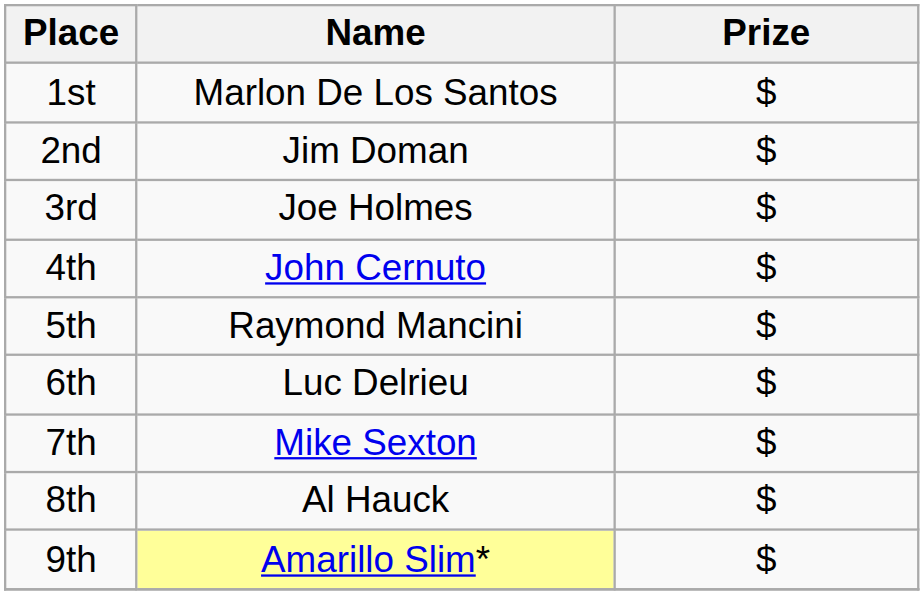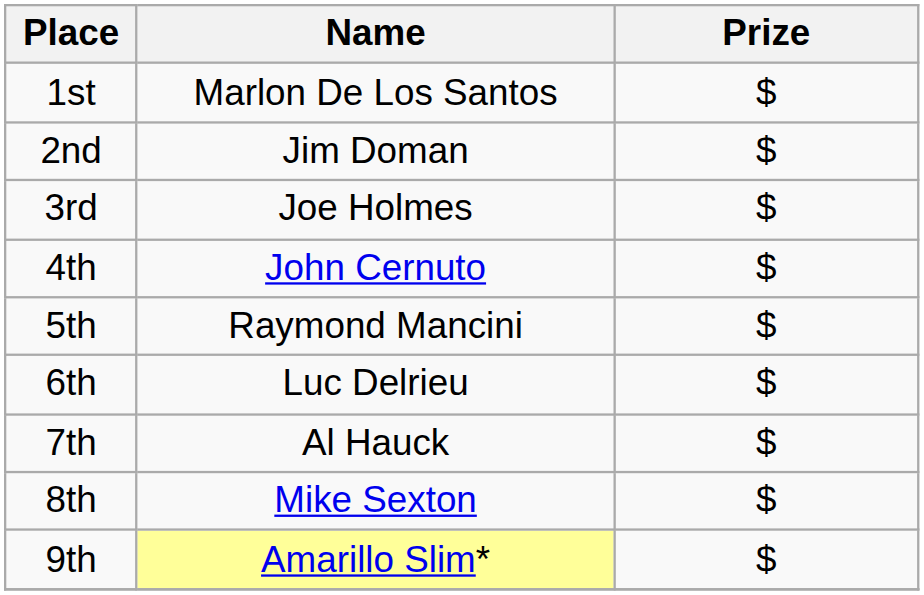 <table class="wikitable">
 <tr>
 <th width="50">Place</th>
 <th width="200">Name</th>
 <th width="125">Prize</th>
 </tr>
 <tr>
 <td align = "center">1st</td>
 <td align = "center">Marlon De Los Santos</td>
 <td align = "center">$</td>
 </tr>
 <tr>
 <td align = "center">2nd</td>
 <td align = "center">Jim Doman</td>
 <td align = "center">$</td>
 </tr>
 <tr>
 <td align = "center">3rd</td>
 <td align = "center">Joe Holmes</td>
 <td align = "center">$</td>
 </tr>
 <tr>
 <td align = "center">4th</td>
 <td align = "center"><a href='#'>John Cernuto</a></td>
 <td align = "center">$</td>
 </tr>
 <tr>
 <td align = "center">5th</td>
 <td align = "center">Raymond Mancini</td>
 <td align = "center">$</td>
 </tr>
 <tr>
 <td align = "center">6th</td>
 <td align = "center">Luc Delrieu</td>
 <td align = "center">$</td>
 </tr>
 <tr>
 <td align = "center">7th</td>
-<td align = "center"><a href='#'>Mike Sexton</a></td>
+<td align = "center">Al Hauck</td>
 <td align = "center">$</td>
 </tr>
 <tr>
 <td align = "center">8th</td>
-<td align = "center">Al Hauck</td>
+<td align = "center"><a href='#'>Mike Sexton</a></td>
 <td align = "center">$</td>
 </tr>
 <tr>
 <td align = "center">9th</td>
 <td align = "center" bgcolor="#FFFF99"><a href='#'>Amarillo Slim</a>*</td>
 <td align = "center">$</td>
 </tr>
 <tr>
 </tr>
 </table>
